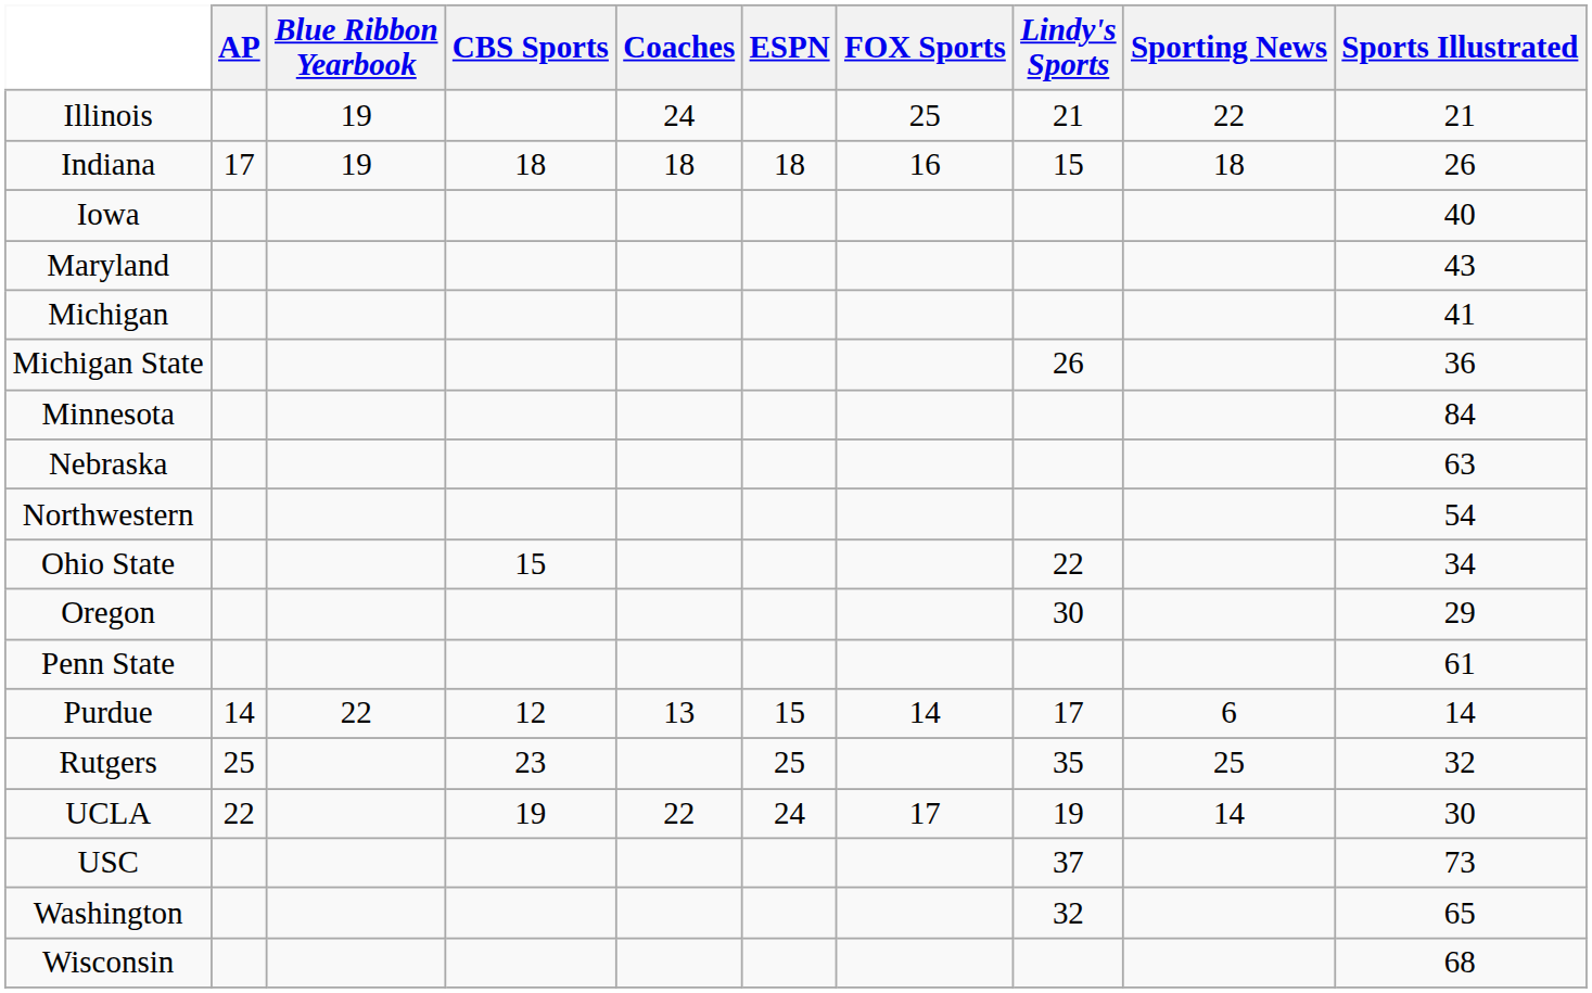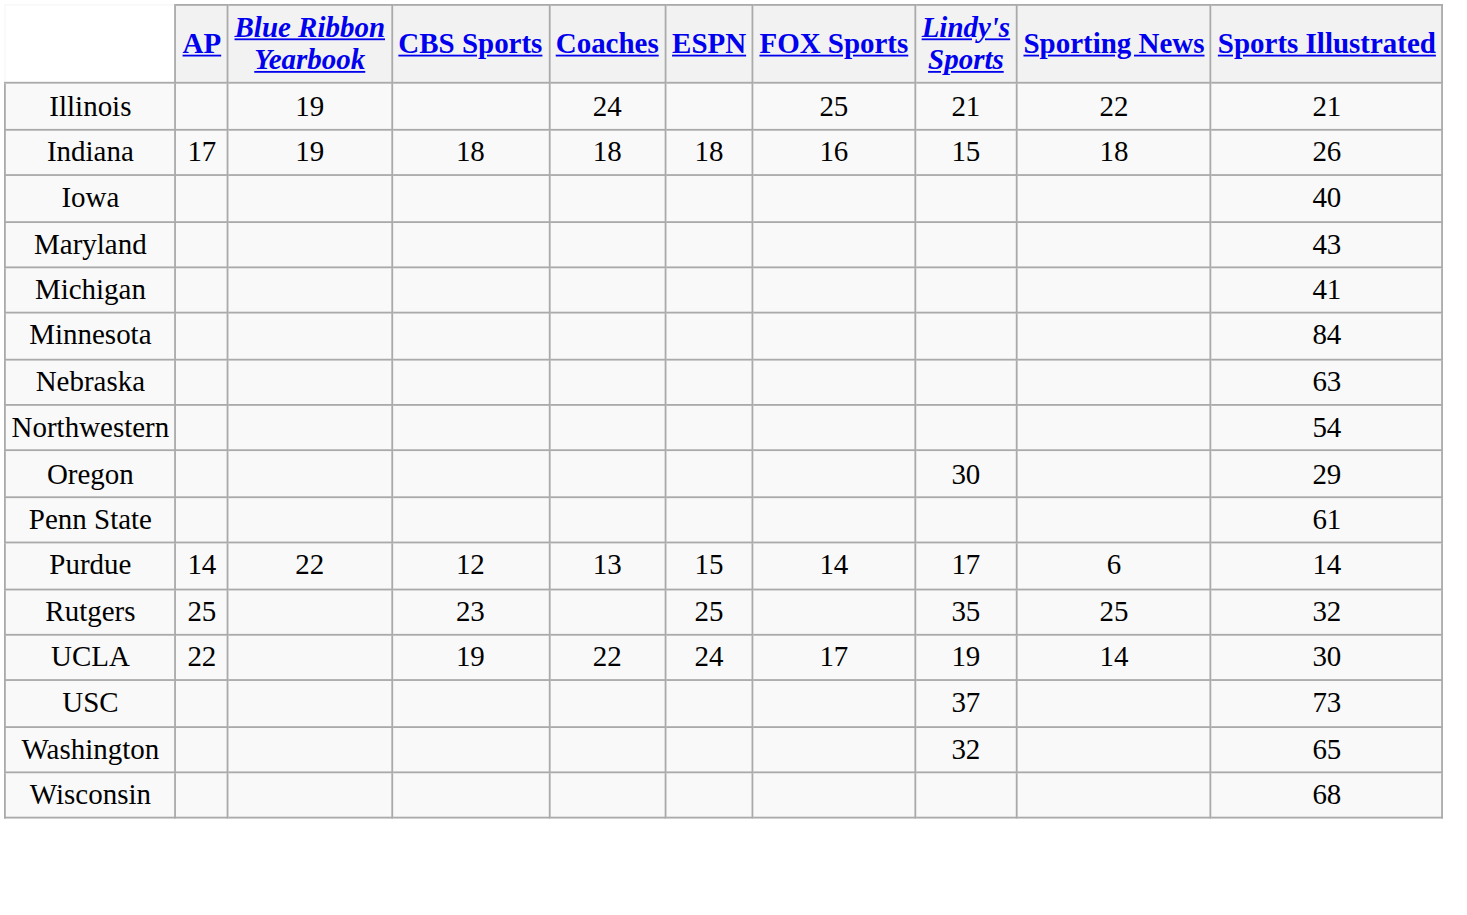 <table class="wikitable" style="white-space:nowrap; text-align:center">
 <tr>
 <td style="background:white; border-top-style:hidden; border-left-style:hidden;"></td>
 <th><a href='#'>AP</a></th>
 <th><em><a href='#'>Blue Ribbon<br>Yearbook</a></em></th>
 <th><a href='#'>CBS Sports</a></th>
 <th><a href='#'>Coaches</a></th>
 <th><a href='#'>ESPN</a></th>
 <th><a href='#'>FOX Sports</a></th>
 <th><em><a href='#'>Lindy's<br>Sports</a></em></th>
 <th><a href='#'>Sporting News</a></th>
 <th><a href='#'>Sports Illustrated</a></th>
 </tr>
 <tr>
 <td style="background:#">Illinois</td>
 <td></td>
 <td>19</td>
 <td></td>
 <td>24</td>
 <td></td>
 <td>25</td>
 <td>21</td>
 <td>22</td>
 <td>21</td>
 </tr>
 <tr>
 <td style=>Indiana</td>
 <td>17</td>
 <td>19</td>
 <td>18</td>
 <td>18</td>
 <td>18</td>
 <td>16</td>
 <td>15</td>
 <td>18</td>
 <td>26</td>
 </tr>
 <tr>
 <td style=>Iowa</td>
 <td></td>
 <td></td>
 <td></td>
 <td></td>
 <td></td>
 <td></td>
 <td></td>
 <td></td>
 <td>40</td>
 </tr>
 <tr>
 <td style=>Maryland</td>
 <td></td>
 <td></td>
 <td></td>
 <td></td>
 <td></td>
 <td></td>
 <td></td>
 <td></td>
 <td>43</td>
 </tr>
 <tr>
 <td style=>Michigan</td>
 <td></td>
 <td></td>
 <td></td>
 <td></td>
 <td></td>
 <td></td>
 <td></td>
 <td></td>
 <td>41</td>
 </tr>
 <tr>
-<td style=>Michigan State</td>
-<td></td>
-<td></td>
-<td></td>
-<td></td>
-<td></td>
-<td></td>
-<td>26</td>
-<td></td>
-<td>36</td>
-</tr>
-<tr>
 <td style=>Minnesota</td>
 <td></td>
 <td></td>
 <td></td>
 <td></td>
 <td></td>
 <td></td>
 <td></td>
 <td></td>
 <td>84</td>
 </tr>
 <tr>
 <td style=>Nebraska</td>
 <td></td>
 <td></td>
 <td></td>
 <td></td>
 <td></td>
 <td></td>
 <td></td>
 <td></td>
 <td>63</td>
 </tr>
 <tr>
 <td style=>Northwestern</td>
 <td></td>
 <td></td>
 <td></td>
 <td></td>
 <td></td>
 <td></td>
 <td></td>
 <td></td>
 <td>54</td>
-</tr>
-<tr>
-<td style=>Ohio State</td>
-<td></td>
-<td></td>
-<td>15</td>
-<td></td>
-<td></td>
-<td></td>
-<td>22</td>
-<td></td>
-<td>34</td>
 </tr>
 <tr>
 <td style=>Oregon</td>
 <td></td>
 <td></td>
 <td></td>
 <td></td>
 <td></td>
 <td></td>
 <td>30</td>
 <td></td>
 <td>29</td>
 </tr>
 <tr>
 <td style=>Penn State</td>
 <td></td>
 <td></td>
 <td></td>
 <td></td>
 <td></td>
 <td></td>
 <td></td>
 <td></td>
 <td>61</td>
 </tr>
 <tr>
 <td style=>Purdue</td>
 <td>14</td>
 <td>22</td>
 <td>12</td>
 <td>13</td>
 <td>15</td>
 <td>14</td>
 <td>17</td>
 <td>6</td>
 <td>14</td>
 </tr>
 <tr>
 <td style=>Rutgers</td>
 <td>25</td>
 <td></td>
 <td>23</td>
 <td></td>
 <td>25</td>
 <td></td>
 <td>35</td>
 <td>25</td>
 <td>32</td>
 </tr>
 <tr>
 <td style=>UCLA</td>
 <td>22</td>
 <td></td>
 <td>19</td>
 <td>22</td>
 <td>24</td>
 <td>17</td>
 <td>19</td>
 <td>14</td>
 <td>30</td>
 </tr>
 <tr>
 <td style=>USC</td>
 <td></td>
 <td></td>
 <td></td>
 <td></td>
 <td></td>
 <td></td>
 <td>37</td>
 <td></td>
 <td>73</td>
 </tr>
 <tr>
 <td style=>Washington</td>
 <td></td>
 <td></td>
 <td></td>
 <td></td>
 <td></td>
 <td></td>
 <td>32</td>
 <td></td>
 <td>65</td>
 </tr>
 <tr>
 <td style=>Wisconsin</td>
 <td></td>
 <td></td>
 <td></td>
 <td></td>
 <td></td>
 <td></td>
 <td></td>
 <td></td>
 <td>68</td>
 </tr>
 </table>
